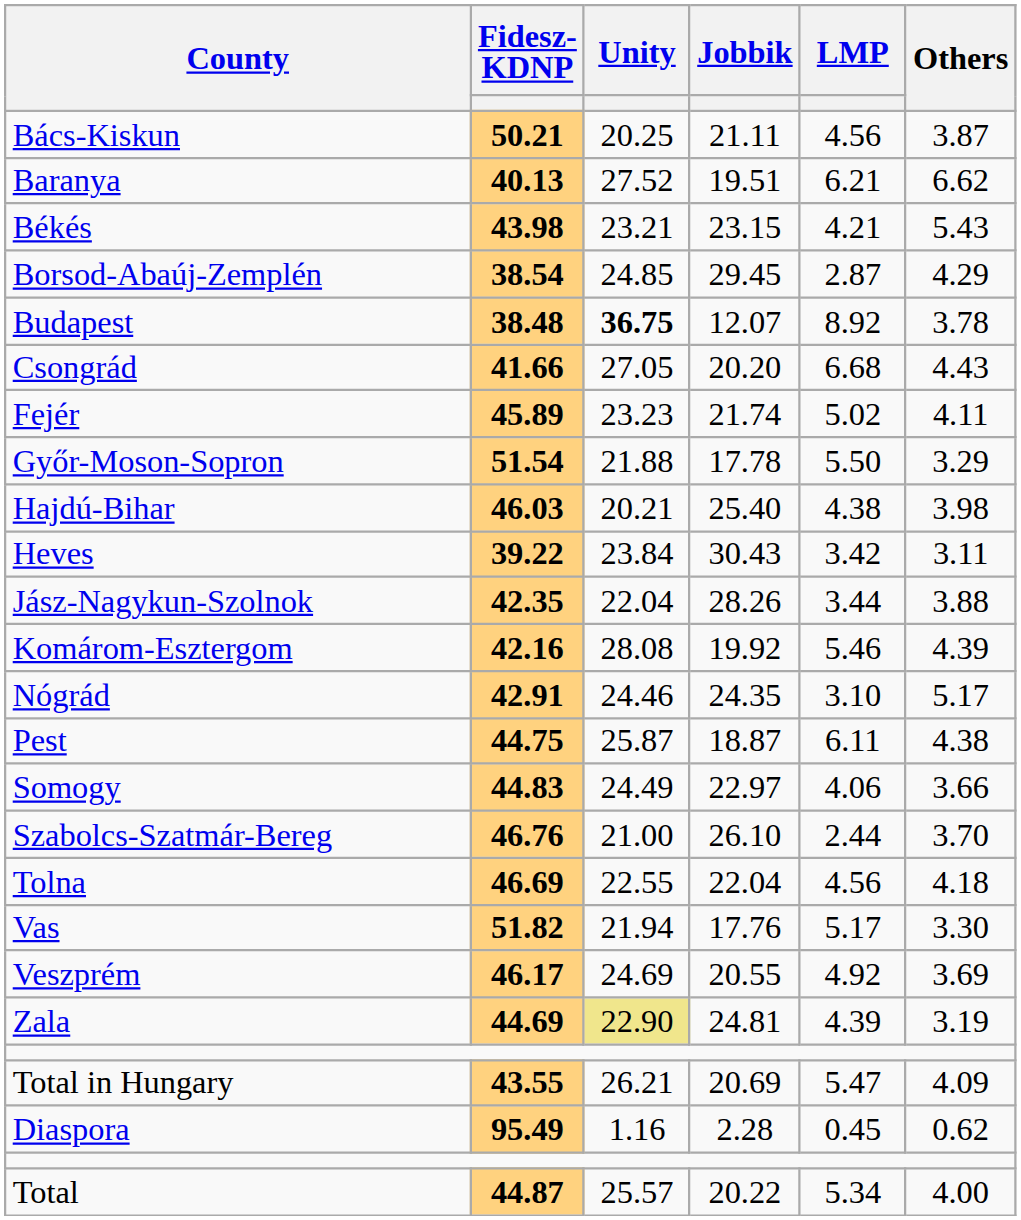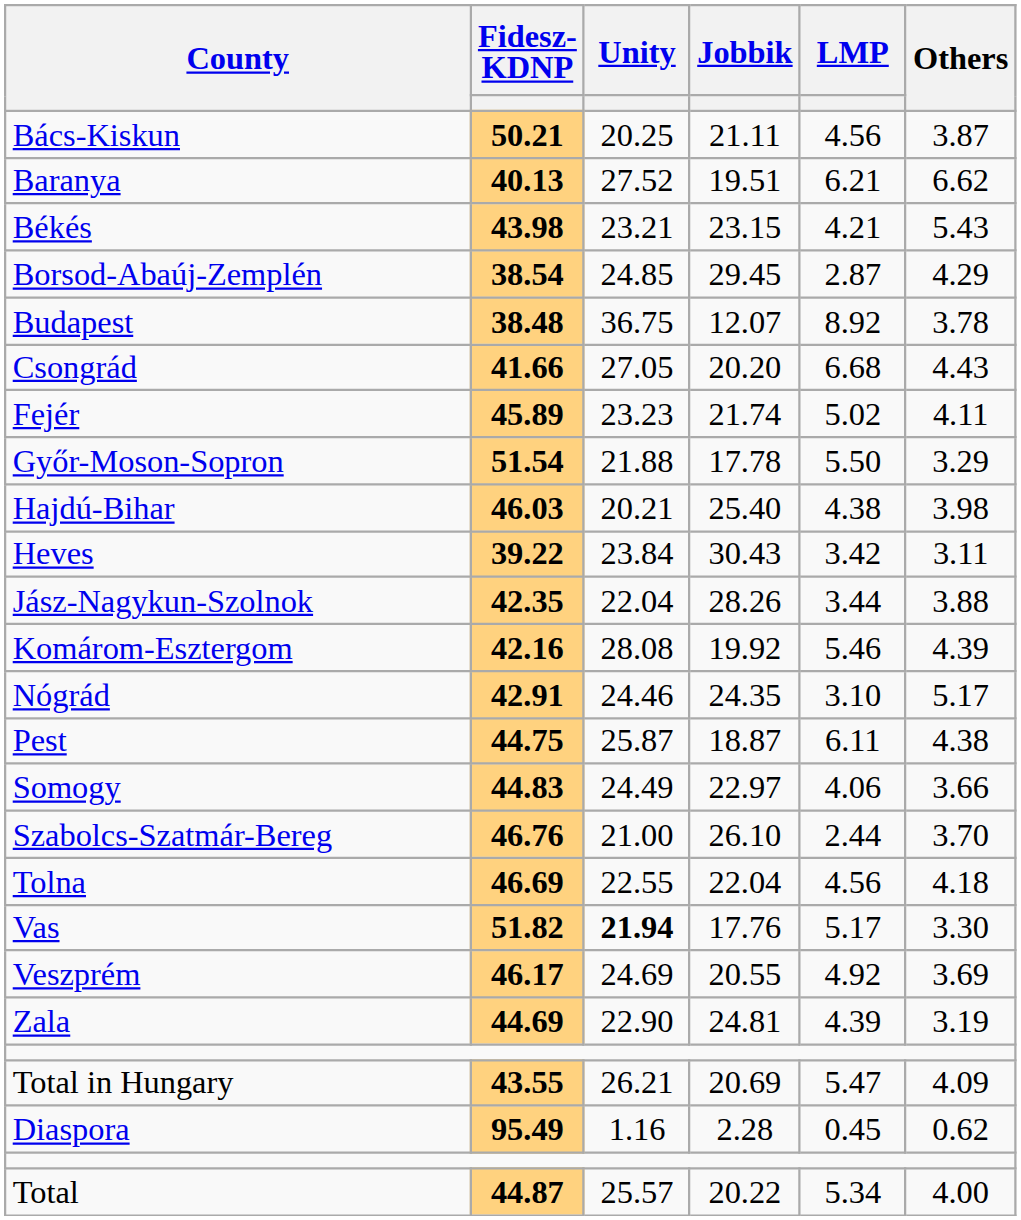 <table class="wikitable sortable" style="text-align:center; font-size:90%; line-height:14px">
 <tr style="height:40px;">
 <th style="width:200px;" rowspan="2"><a href='#'>County</a></th>
 <th style="width:40px;"><a href='#'>Fidesz-KDNP</a></th>
 <th style="width:40px;"><a href='#'>Unity</a></th>
 <th style="width:40px;"><a href='#'>Jobbik</a></th>
 <th style="width:40px;"><a href='#'>LMP</a></th>
 <th class="unsortable" style="width:40px;" rowspan="2">Others</th>
 </tr>
 <tr>
 <th style="background:"></th>
 <th style="background:"></th>
 <th style="background:"></th>
 <th style="background:"></th>
 </tr>
 <tr>
 <td align="left"><a href='#'>Bács-Kiskun</a></td>
 <td style="background:#ffd27f;"><strong>50.21</strong></td>
 <td>20.25</td>
 <td>21.11</td>
 <td>4.56</td>
 <td>3.87</td>
 </tr>
 <tr>
 <td align="left"><a href='#'>Baranya</a></td>
 <td style="background:#ffd27f;"><strong>40.13</strong></td>
 <td>27.52</td>
 <td>19.51</td>
 <td>6.21</td>
 <td>6.62</td>
 </tr>
 <tr>
 <td align="left"><a href='#'>Békés</a></td>
 <td style="background:#ffd27f;"><strong>43.98</strong></td>
 <td>23.21</td>
 <td>23.15</td>
 <td>4.21</td>
 <td>5.43</td>
 </tr>
 <tr>
 <td align="left"><a href='#'>Borsod-Abaúj-Zemplén</a></td>
 <td style="background:#ffd27f;"><strong>38.54</strong></td>
 <td>24.85</td>
 <td>29.45</td>
 <td>2.87</td>
 <td>4.29</td>
 </tr>
 <tr>
 <td align="left"><a href='#'>Budapest</a></td>
 <td style="background:#ffd27f;"><strong>38.48</strong></td>
-<td><strong>36.75</strong></td>
+<td>36.75</td>
 <td>12.07</td>
 <td>8.92</td>
 <td>3.78</td>
 </tr>
 <tr>
 <td align="left"><a href='#'>Csongrád</a></td>
 <td style="background:#ffd27f;"><strong>41.66</strong></td>
 <td>27.05</td>
 <td>20.20</td>
 <td>6.68</td>
 <td>4.43</td>
 </tr>
 <tr>
 <td align="left"><a href='#'>Fejér</a></td>
 <td style="background:#ffd27f;"><strong>45.89</strong></td>
 <td>23.23</td>
 <td>21.74</td>
 <td>5.02</td>
 <td>4.11</td>
 </tr>
 <tr>
 <td align="left"><a href='#'>Győr-Moson-Sopron</a></td>
 <td style="background:#ffd27f;"><strong>51.54</strong></td>
 <td>21.88</td>
 <td>17.78</td>
 <td>5.50</td>
 <td>3.29</td>
 </tr>
 <tr>
 <td align="left"><a href='#'>Hajdú-Bihar</a></td>
 <td style="background:#ffd27f;"><strong>46.03</strong></td>
 <td>20.21</td>
 <td>25.40</td>
 <td>4.38</td>
 <td>3.98</td>
 </tr>
 <tr>
 <td align="left"><a href='#'>Heves</a></td>
 <td style="background:#ffd27f;"><strong>39.22</strong></td>
 <td>23.84</td>
 <td>30.43</td>
 <td>3.42</td>
 <td>3.11</td>
 </tr>
 <tr>
 <td align="left"><a href='#'>Jász-Nagykun-Szolnok</a></td>
 <td style="background:#ffd27f;"><strong>42.35</strong></td>
 <td>22.04</td>
 <td>28.26</td>
 <td>3.44</td>
 <td>3.88</td>
 </tr>
 <tr>
 <td align="left"><a href='#'>Komárom-Esztergom</a></td>
 <td style="background:#ffd27f;"><strong>42.16</strong></td>
 <td>28.08</td>
 <td>19.92</td>
 <td>5.46</td>
 <td>4.39</td>
 </tr>
 <tr>
 <td align="left"><a href='#'>Nógrád</a></td>
 <td style="background:#ffd27f;"><strong>42.91</strong></td>
 <td>24.46</td>
 <td>24.35</td>
 <td>3.10</td>
 <td>5.17</td>
 </tr>
 <tr>
 <td align="left"><a href='#'>Pest</a></td>
 <td style="background:#ffd27f;"><strong>44.75</strong></td>
 <td>25.87</td>
 <td>18.87</td>
 <td>6.11</td>
 <td>4.38</td>
 </tr>
 <tr>
 <td align="left"><a href='#'>Somogy</a></td>
 <td style="background:#ffd27f;"><strong>44.83</strong></td>
 <td>24.49</td>
 <td>22.97</td>
 <td>4.06</td>
 <td>3.66</td>
 </tr>
 <tr>
 <td align="left"><a href='#'>Szabolcs-Szatmár-Bereg</a></td>
 <td style="background:#ffd27f;"><strong>46.76</strong></td>
 <td>21.00</td>
 <td>26.10</td>
 <td>2.44</td>
 <td>3.70</td>
 </tr>
 <tr>
 <td align="left"><a href='#'>Tolna</a></td>
 <td style="background:#ffd27f;"><strong>46.69</strong></td>
 <td>22.55</td>
 <td>22.04</td>
 <td>4.56</td>
 <td>4.18</td>
 </tr>
 <tr>
 <td align="left"><a href='#'>Vas</a></td>
 <td style="background:#ffd27f;"><strong>51.82</strong></td>
-<td>21.94</td>
+<td><strong>21.94</strong></td>
 <td>17.76</td>
 <td>5.17</td>
 <td>3.30</td>
 </tr>
 <tr>
 <td align="left"><a href='#'>Veszprém</a></td>
 <td style="background:#ffd27f;"><strong>46.17</strong></td>
 <td>24.69</td>
 <td>20.55</td>
 <td>4.92</td>
 <td>3.69</td>
 </tr>
 <tr>
 <td align="left"><a href='#'>Zala</a></td>
 <td style="background:#ffd27f;"><strong>44.69</strong></td>
-<td style="background: khaki;">22.90</td>
+<td>22.90</td>
 <td>24.81</td>
 <td>4.39</td>
 <td>3.19</td>
 </tr>
 <tr>
 <td colspan=10></td>
 </tr>
 <tr>
 <td align="left">Total in Hungary</td>
 <td style="background:#ffd27f;"><strong>43.55</strong></td>
 <td>26.21</td>
 <td>20.69</td>
 <td>5.47</td>
 <td>4.09</td>
 </tr>
 <tr>
 <td align="left"><a href='#'>Diaspora</a></td>
 <td style="background:#ffd27f;"><strong>95.49</strong></td>
 <td>1.16</td>
 <td>2.28</td>
 <td>0.45</td>
 <td>0.62</td>
 </tr>
 <tr>
 <td colspan=10></td>
 </tr>
 <tr>
 <td align="left">Total</td>
 <td style="background:#ffd27f;"><strong>44.87</strong></td>
 <td>25.57</td>
 <td>20.22</td>
 <td>5.34</td>
 <td>4.00</td>
 </tr>
 </table>
